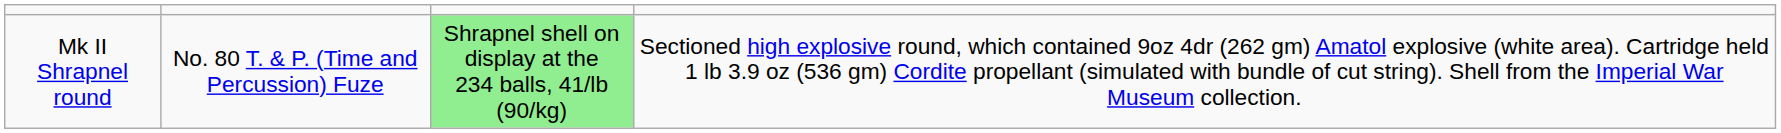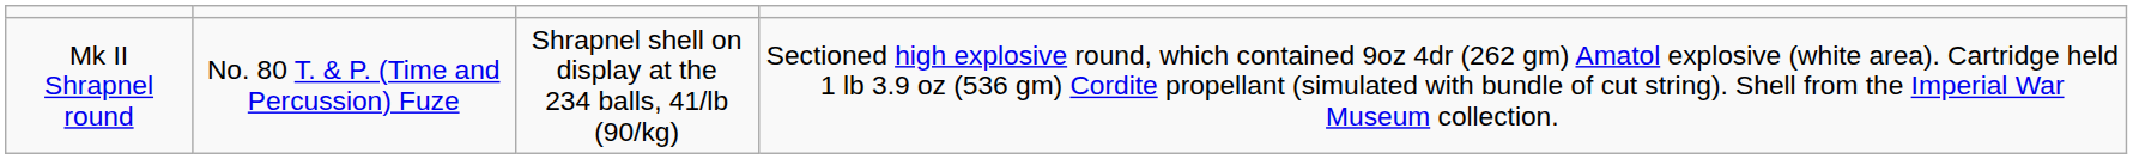 <table class="wikitable" style="text-align:center;">
 <tr>
 <td></td>
 <td></td>
 <td></td>
 <td></td>
 </tr>
 <tr>
 <td>Mk II <a href='#'>Shrapnel</a> <a href='#'>round</a></td>
 <td>No. 80 <a href='#'>T. & P. (Time and Percussion) Fuze</a></td>
-<td style="background: lightgreen;">Shrapnel shell on display at the <br>234 balls, 41/lb (90/kg)</td>
+<td>Shrapnel shell on display at the <br>234 balls, 41/lb (90/kg)</td>
 <td>Sectioned <a href='#'>high explosive</a> round, which contained 9oz 4dr (262 gm) <a href='#'>Amatol</a> explosive (white area). Cartridge held 1 lb 3.9 oz (536 gm) <a href='#'>Cordite</a> propellant (simulated with bundle of cut string). Shell from the <a href='#'>Imperial War Museum</a> collection.</td>
 </tr>
 </table>
